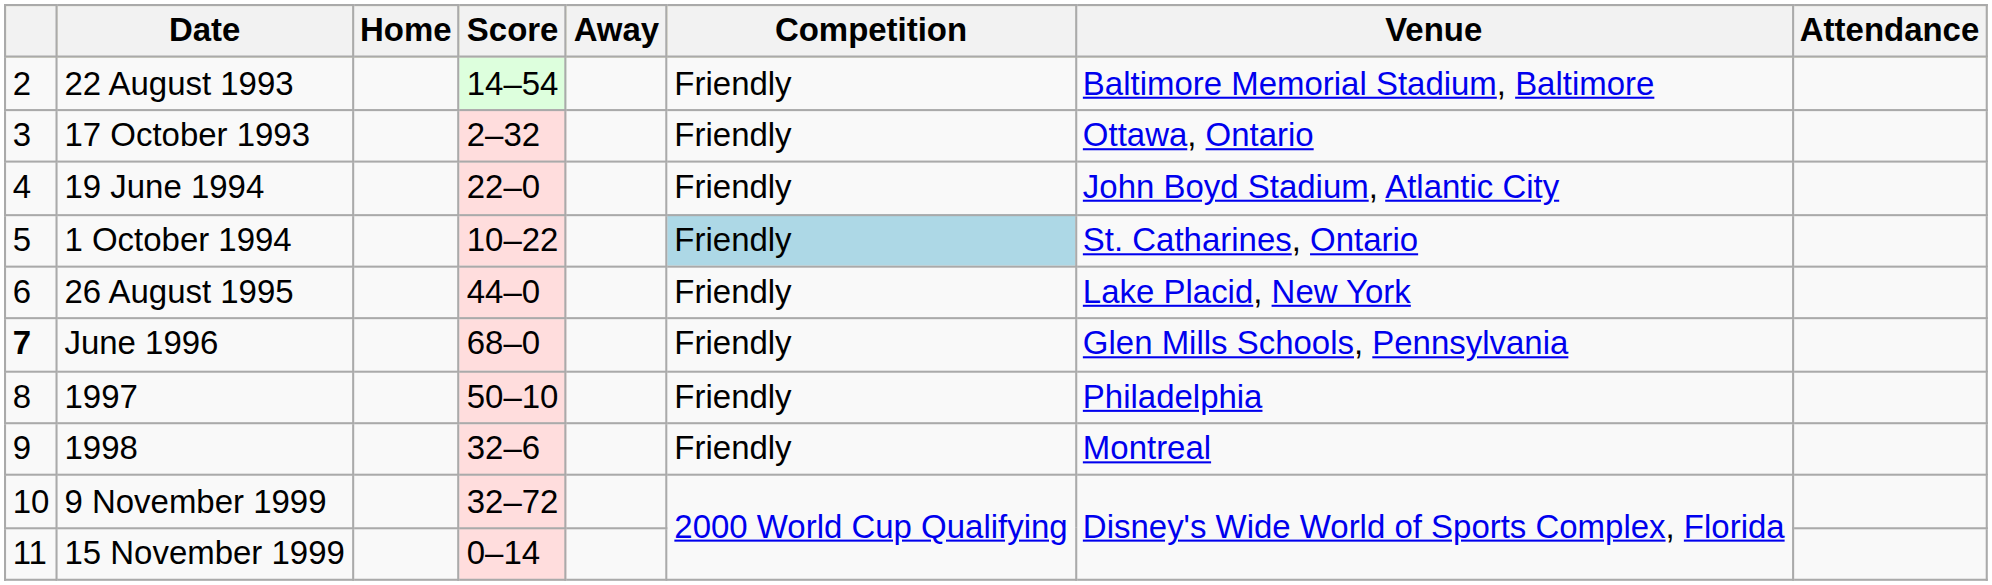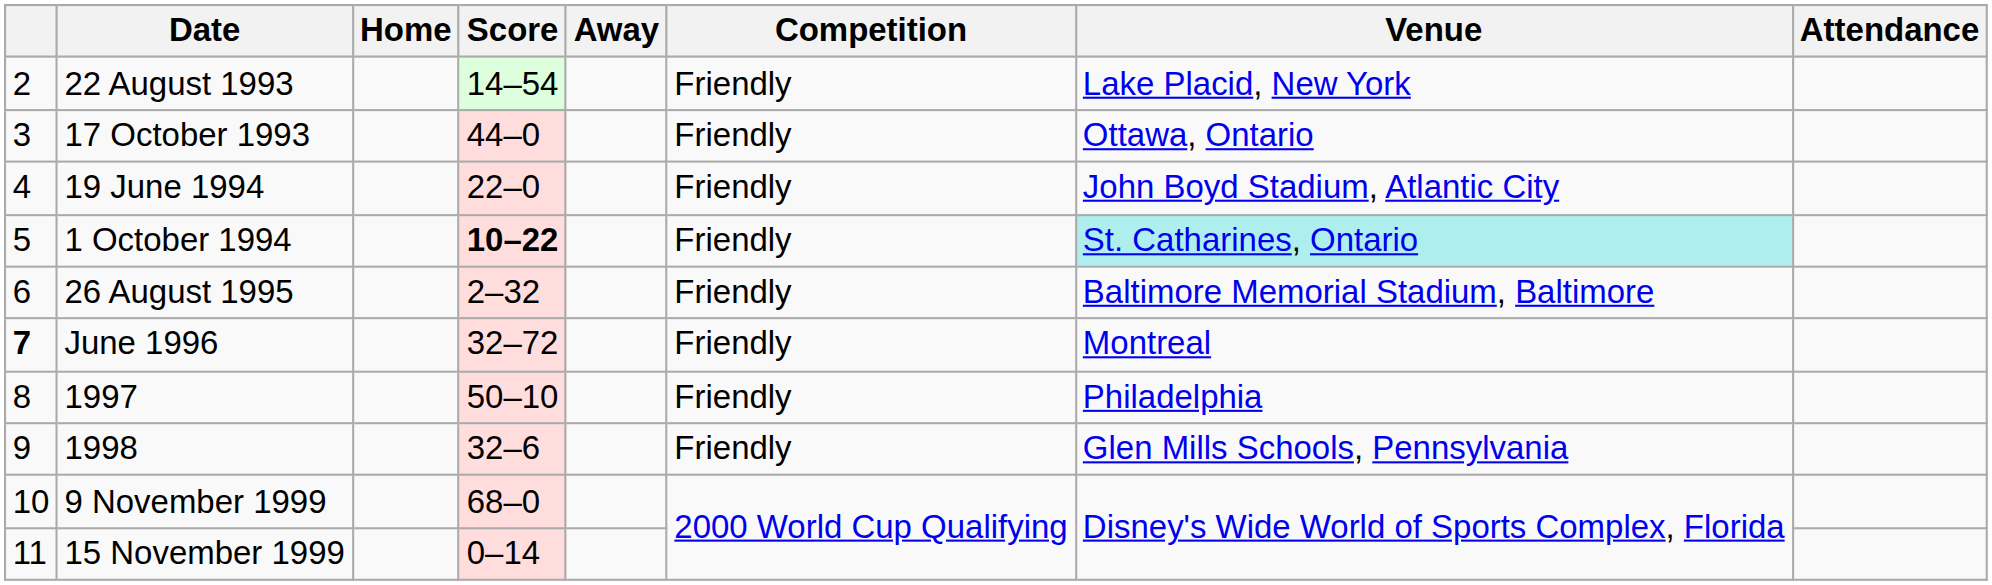 <table class="wikitable" width100%>
 <tr bgcolor=#bdb76b>
 <th></th>
 <th>Date</th>
 <th>Home</th>
 <th>Score</th>
 <th>Away</th>
 <th>Competition</th>
 <th>Venue</th>
 <th>Attendance</th>
 </tr>
 <tr>
 <td>2</td>
 <td>22 August 1993</td>
 <td></td>
 <td bgcolor=#DDFFDD>14–54</td>
 <td><strong></strong></td>
 <td>Friendly</td>
-<td> <a href='#'>Baltimore Memorial Stadium</a>, <a href='#'>Baltimore</a></td>
+<td> <a href='#'>Lake Placid</a>, <a href='#'>New York</a></td>
 <td></td>
 </tr>
 <tr>
 <td>3</td>
 <td>17 October 1993</td>
 <td><strong></strong></td>
-<td bgcolor=#FFDDDD>2–32</td>
+<td bgcolor=#FFDDDD>44–0</td>
 <td></td>
 <td>Friendly</td>
 <td> <a href='#'>Ottawa</a>, <a href='#'>Ontario</a></td>
 <td></td>
 </tr>
 <tr>
 <td>4</td>
 <td>19 June 1994</td>
 <td></td>
 <td bgcolor=#FFDDDD>22–0</td>
 <td><strong></strong></td>
 <td>Friendly</td>
 <td> <a href='#'>John Boyd Stadium</a>, <a href='#'>Atlantic City</a></td>
 <td></td>
 </tr>
 <tr>
 <td>5</td>
 <td>1 October 1994</td>
 <td><strong></strong></td>
-<td bgcolor=#FFDDDD>10–22</td>
+<td bgcolor=#FFDDDD><strong>10–22</strong></td>
 <td></td>
-<td style="background: lightblue;">Friendly</td>
-<td> <a href='#'>St. Catharines</a>, <a href='#'>Ontario</a></td>
+<td>Friendly</td>
+<td style="background: paleturquoise;"> <a href='#'>St. Catharines</a>, <a href='#'>Ontario</a></td>
 <td></td>
 </tr>
 <tr>
 <td>6</td>
 <td>26 August 1995</td>
 <td></td>
-<td bgcolor=#FFDDDD>44–0</td>
+<td bgcolor=#FFDDDD>2–32</td>
 <td><strong></strong></td>
 <td>Friendly</td>
-<td> <a href='#'>Lake Placid</a>, <a href='#'>New York</a></td>
+<td> <a href='#'>Baltimore Memorial Stadium</a>, <a href='#'>Baltimore</a></td>
 <td></td>
 </tr>
 <tr>
 <td><strong>7</strong></td>
 <td>June 1996</td>
 <td><strong></strong></td>
-<td bgcolor=#FFDDDD>68–0</td>
+<td bgcolor=#FFDDDD>32–72</td>
 <td></td>
 <td>Friendly</td>
-<td> <a href='#'>Glen Mills Schools</a>, <a href='#'>Pennsylvania</a></td>
+<td> <a href='#'>Montreal</a></td>
 <td></td>
 </tr>
 <tr>
 <td>8</td>
 <td>1997</td>
 <td></td>
 <td bgcolor=#FFDDDD>50–10</td>
 <td><strong></strong></td>
 <td>Friendly</td>
 <td> <a href='#'>Philadelphia</a></td>
 <td></td>
 </tr>
 <tr>
 <td>9</td>
 <td>1998</td>
 <td></td>
 <td bgcolor=#FFDDDD>32–6</td>
 <td><strong></strong></td>
 <td>Friendly</td>
-<td> <a href='#'>Montreal</a></td>
+<td> <a href='#'>Glen Mills Schools</a>, <a href='#'>Pennsylvania</a></td>
 <td></td>
 </tr>
 <tr>
 <td>10</td>
 <td>9 November 1999</td>
 <td></td>
-<td bgcolor=#FFDDDD>32–72</td>
+<td bgcolor=#FFDDDD>68–0</td>
 <td><strong></strong></td>
 <td rowspan=2><a href='#'>2000 World Cup Qualifying</a></td>
 <td rowspan=2> <a href='#'>Disney's Wide World of Sports Complex</a>, <a href='#'>Florida</a></td>
 <td></td>
 </tr>
 <tr>
 <td>11</td>
 <td>15 November 1999</td>
 <td><strong></strong></td>
 <td bgcolor=#FFDDDD>0–14</td>
 <td></td>
 <td></td>
 </tr>
 </table>
